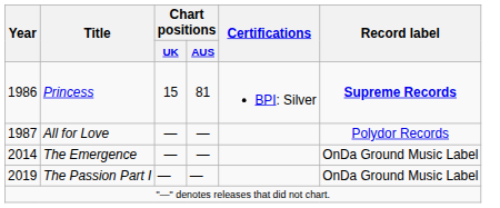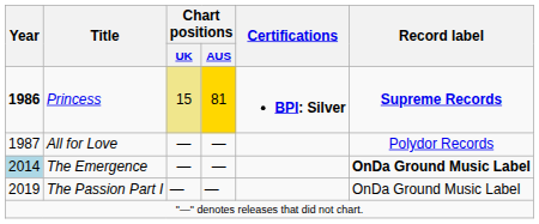 <table class="wikitable">
 <tr>
 <th rowspan="2">Year</th>
 <th rowspan="2">Title</th>
 <th colspan="2">Chart positions</th>
 <th rowspan="2"><a href='#'>Certifications</a></th>
 <th rowspan="2">Record label</th>
 </tr>
 <tr>
 <th width="30"><small><a href='#'>UK</a></small><br></th>
 <th width="30"><small><a href='#'>AUS</a></small><br></th>
 </tr>
 <tr>
-<td>1986</td>
+<td><strong>1986</strong></td>
 <td><em><a href='#'>Princess</a></em></td>
-<td align="center">15</td>
-<td align="center">81</td>
-<td><br><ul><li><a href='#'>BPI</a>: Silver</li></ul></td>
+<td align="center" style="background: khaki;">15</td>
+<td align="center" style="background: gold;">81</td>
+<td><strong><br><ul><li><a href='#'>BPI</a>: Silver</li></ul></strong></td>
 <td align="center"><strong><a href='#'>Supreme Records</a></strong></td>
 </tr>
 <tr>
 <td>1987</td>
 <td><em>All for Love</em></td>
 <td align="center">—</td>
 <td align="center">—</td>
 <td></td>
 <td align="center"><a href='#'>Polydor Records</a></td>
 </tr>
 <tr>
-<td>2014</td>
+<td style="background: lightblue;">2014</td>
 <td><em>The Emergence</em></td>
 <td align="center">—</td>
 <td align="center">—</td>
 <td></td>
-<td>OnDa Ground Music Label</td>
+<td><strong>OnDa Ground Music Label</strong></td>
 </tr>
 <tr>
 <td>2019</td>
 <td><em>The Passion Part I</em></td>
 <td>—</td>
 <td>—</td>
 <td></td>
 <td>OnDa Ground Music Label</td>
 </tr>
 <tr>
 <td colspan="6" style="text-align:center; font-size:9pt;">"—" denotes releases that did not chart.</td>
 </tr>
 </table>
